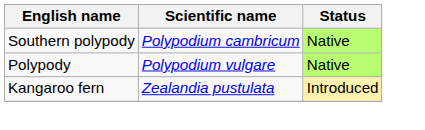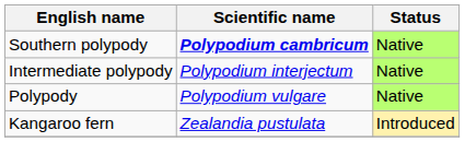 <table class="wikitable" |>
 <tr>
 <th>English name</th>
 <th>Scientific name</th>
 <th>Status</th>
 </tr>
 <tr>
 <td>Southern polypody</td>
-<td><em><a href='#'>Polypodium cambricum</a></em></td>
+<td><strong><em><a href='#'>Polypodium cambricum</a></em></strong></td>
+<td style="background: #B9FF72; text-align: ">Native</td>
+</tr>
+<tr>
+<td>Intermediate polypody</td>
+<td><em><a href='#'>Polypodium interjectum</a></em></td>
 <td style="background: #B9FF72; text-align: ">Native</td>
 </tr>
 <tr>
 <td>Polypody</td>
 <td><em><a href='#'>Polypodium vulgare</a></em></td>
 <td style="background: #B9FF72; text-align: ">Native</td>
 </tr>
 <tr>
 <td>Kangaroo fern</td>
 <td><em><a href='#'>Zealandia pustulata</a></em></td>
 <td style="background: #FFF2AE; text-align: ">Introduced</td>
 </tr>
 <tr>
 </tr>
 </table>
